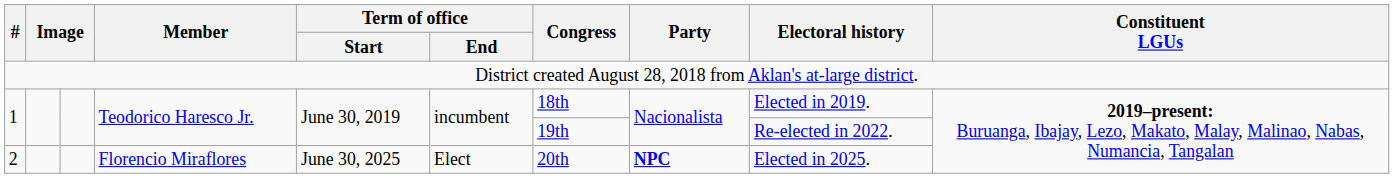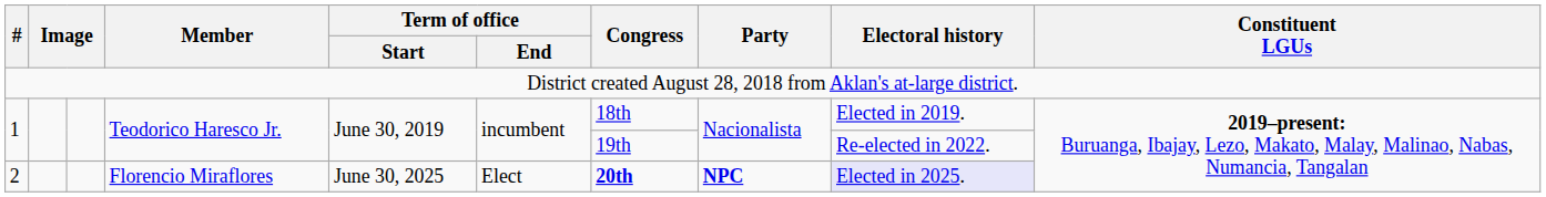 <table class="wikitable">
 <tr>
 <th rowspan="2">#</th>
 <th rowspan="2" colspan=2>Image</th>
 <th rowspan="2">Member</th>
 <th colspan="2">Term of office</th>
 <th rowspan="2">Congress</th>
 <th rowspan="2">Party</th>
 <th rowspan="2">Electoral history</th>
 <th rowspan="2" width="33%">Constituent<br><a href='#'>LGUs</a></th>
 </tr>
 <tr>
 <th>Start</th>
 <th>End</th>
 </tr>
 <tr>
 <td colspan="10" style="text-align:center;">District created August 28, 2018 from <a href='#'>Aklan's at-large district</a>.</td>
 </tr>
 <tr>
 <td rowspan="2">1</td>
 <td rowspan="2" style="background:"></td>
 <td rowspan="2"></td>
 <td rowspan="2"><a href='#'>Teodorico Haresco Jr.</a></td>
 <td rowspan="2">June 30, 2019</td>
 <td rowspan="2">incumbent</td>
 <td><a href='#'>18th</a></td>
 <td rowspan="2"><a href='#'>Nacionalista</a></td>
 <td><a href='#'>Elected in 2019</a>.</td>
 <td rowspan="3" align="center"><strong>2019–present:</strong><br><a href='#'>Buruanga</a>, <a href='#'>Ibajay</a>, <a href='#'>Lezo</a>, <a href='#'>Makato</a>, <a href='#'>Malay</a>, <a href='#'>Malinao</a>, <a href='#'>Nabas</a>, <a href='#'>Numancia</a>, <a href='#'>Tangalan</a></td>
 </tr>
 <tr>
 <td><a href='#'>19th</a></td>
 <td><a href='#'>Re-elected in 2022</a>.</td>
 </tr>
 <tr>
 <td>2</td>
 <td style="background:"></td>
 <td></td>
 <td><a href='#'>Florencio Miraflores</a></td>
 <td>June 30, 2025</td>
 <td>Elect</td>
-<td><a href='#'>20th</a></td>
+<td><strong><a href='#'>20th</a></strong></td>
 <td><strong><a href='#'>NPC</a></strong></td>
-<td><a href='#'>Elected in 2025</a>.</td>
+<td style="background: lavender;"><a href='#'>Elected in 2025</a>.</td>
 </tr>
 </table>
